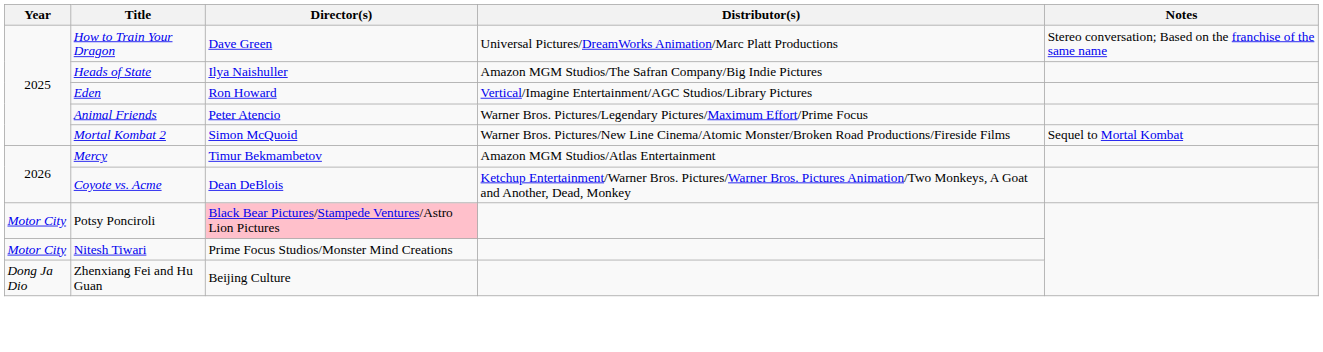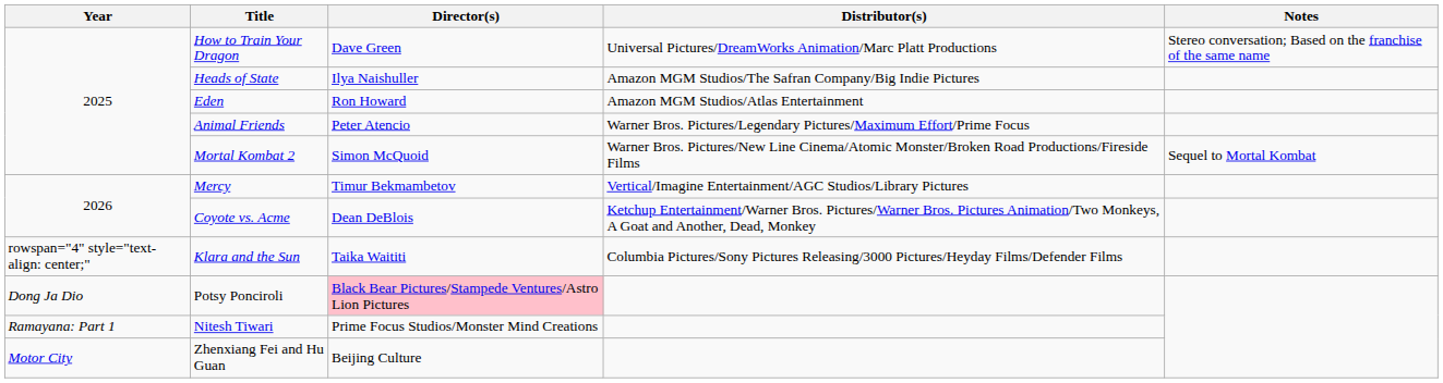 <table class="wikitable" style="width: 100%">
 <tr>
 <th>Year</th>
 <th>Title</th>
 <th>Director(s)</th>
 <th>Distributor(s)</th>
 <th>Notes</th>
 </tr>
 <tr>
 <td rowspan="5" style="text-align: center;">2025</td>
 <td><em><a href='#'>How to Train Your Dragon</a></em></td>
 <td><a href='#'>Dave Green</a></td>
 <td>Universal Pictures/<a href='#'>DreamWorks Animation</a>/Marc Platt Productions</td>
 <td>Stereo conversation; Based on the <a href='#'>franchise of the same name</a></td>
 </tr>
 <tr>
 <td><em><a href='#'>Heads of State</a></em></td>
 <td><a href='#'>Ilya Naishuller</a></td>
 <td>Amazon MGM Studios/The Safran Company/Big Indie Pictures</td>
 <td></td>
 </tr>
 <tr>
 <td><em><a href='#'>Eden</a></em></td>
 <td><a href='#'>Ron Howard</a></td>
-<td><a href='#'>Vertical</a>/Imagine Entertainment/AGC Studios/Library Pictures</td>
+<td>Amazon MGM Studios/Atlas Entertainment</td>
 <td></td>
 </tr>
 <tr>
 <td><em><a href='#'>Animal Friends</a></em></td>
 <td><a href='#'>Peter Atencio</a></td>
 <td>Warner Bros. Pictures/Legendary Pictures/<a href='#'>Maximum Effort</a>/Prime Focus</td>
 <td></td>
 </tr>
 <tr>
 <td><em><a href='#'>Mortal Kombat 2</a></em></td>
 <td><a href='#'>Simon McQuoid</a></td>
 <td>Warner Bros. Pictures/New Line Cinema/Atomic Monster/Broken Road Productions/Fireside Films</td>
 <td>Sequel to <a href='#'>Mortal Kombat</a></td>
 </tr>
 <tr>
 <td rowspan="2" style="text-align: center;">2026</td>
 <td><em><a href='#'>Mercy</a></em></td>
 <td><a href='#'>Timur Bekmambetov</a></td>
-<td>Amazon MGM Studios/Atlas Entertainment</td>
+<td><a href='#'>Vertical</a>/Imagine Entertainment/AGC Studios/Library Pictures</td>
 <td></td>
 </tr>
 <tr>
 <td><em><a href='#'>Coyote vs. Acme</a></em></td>
 <td><a href='#'>Dean DeBlois</a></td>
 <td><a href='#'>Ketchup Entertainment</a>/Warner Bros. Pictures/<a href='#'>Warner Bros. Pictures Animation</a>/Two Monkeys, A Goat and Another, Dead, Monkey</td>
 <td></td>
 </tr>
 <tr>
-<td><em><a href='#'>Motor City</a></em></td>
+<td>rowspan="4" style="text-align: center;" </td>
+<td><em><a href='#'>Klara and the Sun</a></em></td>
+<td><a href='#'>Taika Waititi</a></td>
+<td>Columbia Pictures/Sony Pictures Releasing/3000 Pictures/Heyday Films/Defender Films</td>
+<td></td>
+</tr>
+<tr>
+<td><em>Dong Ja Dio</em></td>
 <td>Potsy Ponciroli</td>
 <td style="background: pink;"><a href='#'>Black Bear Pictures</a>/<a href='#'>Stampede Ventures</a>/Astro Lion Pictures</td>
 <td></td>
 </tr>
 <tr>
-<td><em><a href='#'>Motor City</a></em></td>
+<td><em>Ramayana: Part 1</em></td>
 <td><a href='#'>Nitesh Tiwari</a></td>
 <td>Prime Focus Studios/Monster Mind Creations</td>
 <td></td>
 </tr>
 <tr>
-<td><em>Dong Ja Dio</em></td>
+<td><em><a href='#'>Motor City</a></em></td>
 <td>Zhenxiang Fei and Hu Guan</td>
 <td>Beijing Culture</td>
 <td></td>
 </tr>
 </table>
